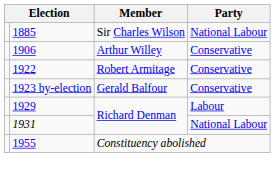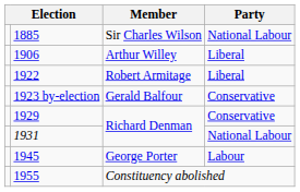 <table class="wikitable">
 <tr>
 <th colspan="2">Election</th>
 <th>Member</th>
 <th>Party</th>
 </tr>
 <tr>
 <td style="color:inherit;background-color: "></td>
 <td><a href='#'>1885</a></td>
 <td>Sir <a href='#'>Charles Wilson</a></td>
 <td><a href='#'>National Labour</a></td>
 </tr>
 <tr>
 <td style="color:inherit;background-color: "></td>
 <td><a href='#'>1906</a></td>
 <td><a href='#'>Arthur Willey</a></td>
-<td><a href='#'>Conservative</a></td>
+<td><a href='#'>Liberal</a></td>
 </tr>
 <tr>
 <td style="color:inherit;background-color: "></td>
 <td><a href='#'>1922</a></td>
 <td><a href='#'>Robert Armitage</a></td>
-<td><a href='#'>Conservative</a></td>
+<td><a href='#'>Liberal</a></td>
 </tr>
 <tr>
 <td style="color:inherit;background-color: "></td>
 <td><a href='#'>1923 by-election</a></td>
 <td><a href='#'>Gerald Balfour</a></td>
 <td><a href='#'>Conservative</a></td>
 </tr>
 <tr>
 <td style="color:inherit;background-color: "></td>
 <td><a href='#'>1929</a></td>
 <td rowspan="2"><a href='#'>Richard Denman</a></td>
-<td><a href='#'>Labour</a></td>
+<td><a href='#'>Conservative</a></td>
 </tr>
 <tr>
 <td style="color:inherit;background-color: "></td>
 <td><em>1931</em></td>
 <td><a href='#'>National Labour</a></td>
 </tr>
 <tr>
+<td style="color:inherit;background-color: "></td>
+<td><a href='#'>1945</a></td>
+<td><a href='#'>George Porter</a></td>
+<td><a href='#'>Labour</a></td>
+</tr>
+<tr>
 <td></td>
 <td><a href='#'>1955</a></td>
 <td colspan="2"><em>Constituency abolished</em></td>
 </tr>
 </table>
